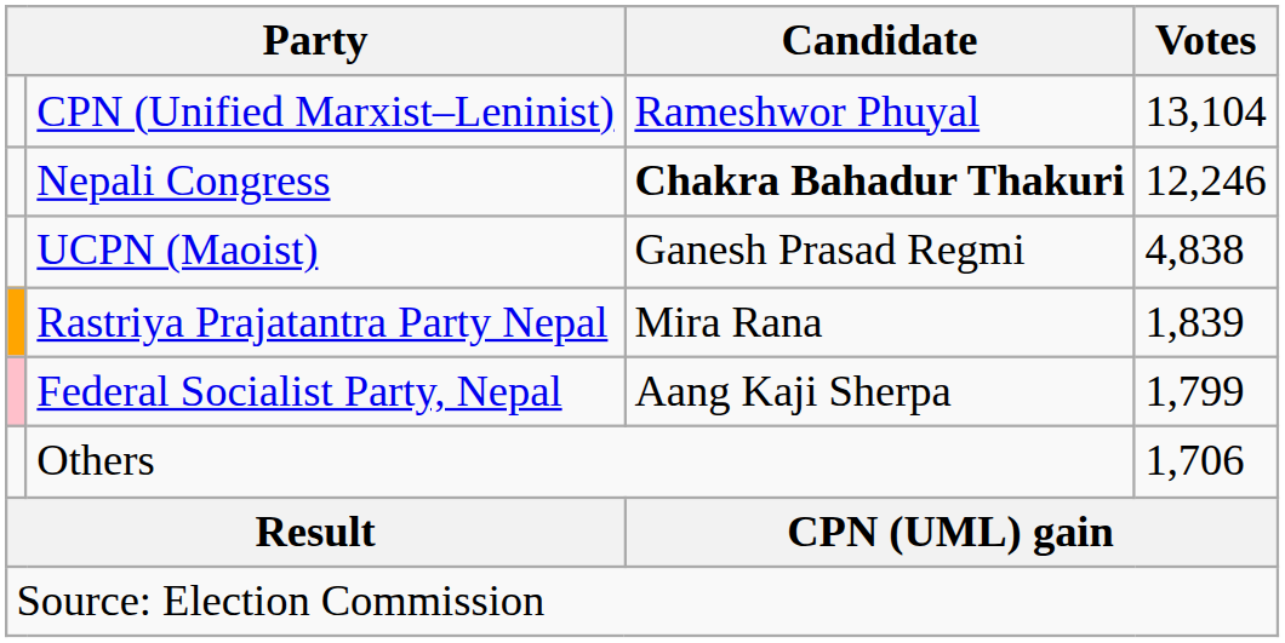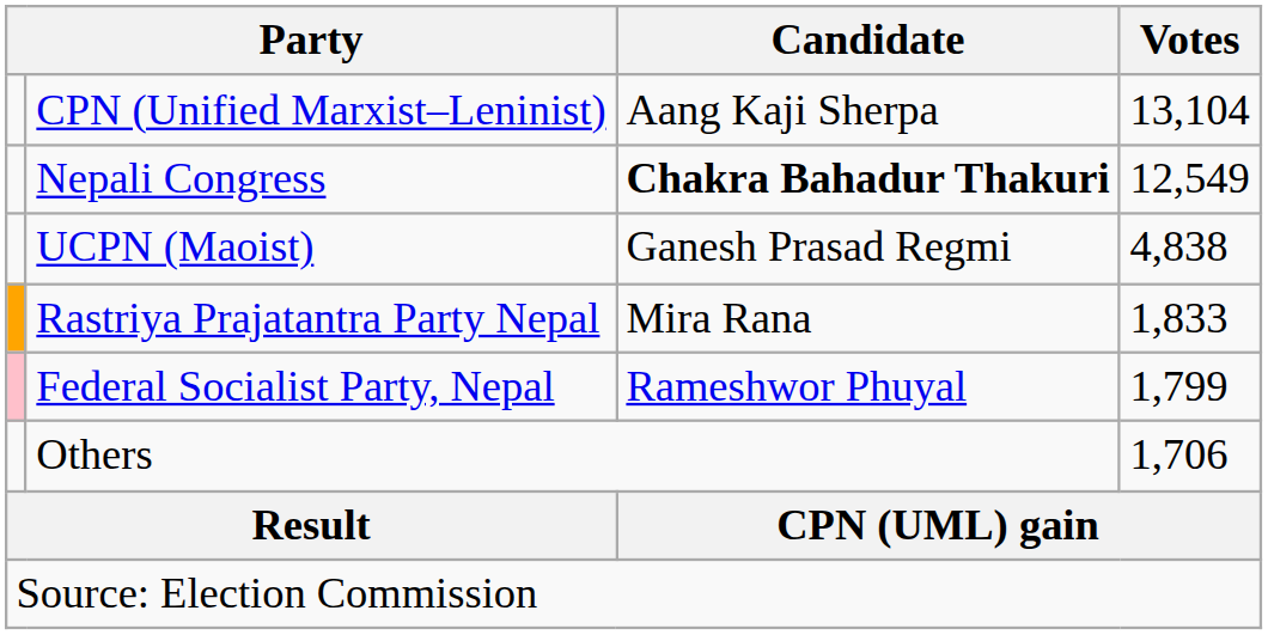 <table class="wikitable">
 <tr>
 <th colspan="2">Party</th>
 <th>Candidate</th>
 <th>Votes</th>
 </tr>
 <tr>
 <td style="background-color:"></td>
 <td><a href='#'>CPN (Unified Marxist–Leninist)</a></td>
-<td><a href='#'>Rameshwor Phuyal</a></td>
+<td>Aang Kaji Sherpa</td>
 <td>13,104</td>
 </tr>
 <tr>
 <td style="background-color:"></td>
 <td><a href='#'>Nepali Congress</a></td>
 <td><strong>Chakra Bahadur Thakuri</strong></td>
-<td>12,246</td>
+<td>12,549</td>
 </tr>
 <tr>
 <td style="background-color:"></td>
 <td><a href='#'>UCPN (Maoist)</a></td>
 <td>Ganesh Prasad Regmi</td>
 <td>4,838</td>
 </tr>
 <tr>
 <td style="background-color:orange"></td>
 <td><a href='#'>Rastriya Prajatantra Party Nepal</a></td>
 <td>Mira Rana</td>
-<td>1,839</td>
+<td>1,833</td>
 </tr>
 <tr>
 <td style="background-color:pink"></td>
 <td><a href='#'>Federal Socialist Party, Nepal</a></td>
-<td>Aang Kaji Sherpa</td>
+<td><a href='#'>Rameshwor Phuyal</a></td>
 <td>1,799</td>
 </tr>
 <tr>
 <td></td>
 <td colspan="2">Others</td>
 <td>1,706</td>
 </tr>
 <tr>
 <th colspan="2">Result</th>
 <th colspan="2">CPN (UML) gain</th>
 </tr>
 <tr>
 <td colspan="4">Source: Election Commission</td>
 </tr>
 </table>
